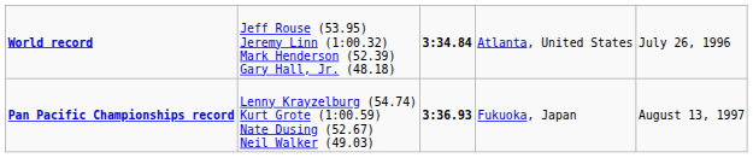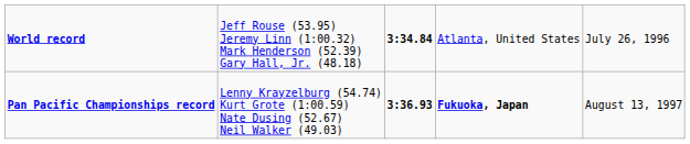 <table class="wikitable">
 <tr>
 <td><strong><a href='#'>World record</a></strong></td>
 <td><br><a href='#'>Jeff Rouse</a> (53.95) <br><a href='#'>Jeremy Linn</a> (1:00.32)<br><a href='#'>Mark Henderson</a> (52.39)<br><a href='#'>Gary Hall, Jr.</a> (48.18)</td>
 <td><strong>3:34.84</strong></td>
 <td><a href='#'>Atlanta</a>, United States</td>
 <td>July 26, 1996</td>
 </tr>
 <tr>
 <td><strong><a href='#'>Pan Pacific Championships record</a></strong></td>
 <td><br><a href='#'>Lenny Krayzelburg</a> (54.74)<br><a href='#'>Kurt Grote</a> (1:00.59)<br><a href='#'>Nate Dusing</a> (52.67)<br><a href='#'>Neil Walker</a> (49.03)</td>
 <td><strong>3:36.93</strong></td>
-<td><a href='#'>Fukuoka</a>, Japan</td>
+<td><strong><a href='#'>Fukuoka</a>, Japan</strong></td>
 <td>August 13, 1997</td>
 </tr>
 </table>
